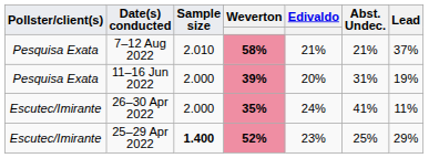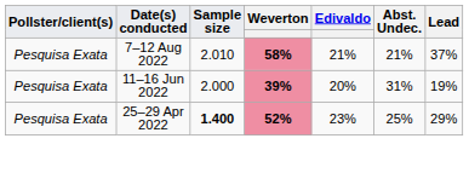 <table class="wikitable sortable" style="text-align:center;font-size:90%;line-height:14px;">
 <tr>
 <td rowspan="2" class="unsortable" style="width:50px;background:#eaecf0;"><strong>Pollster/client(s)</strong></td>
 <td rowspan="2" class="unsortable" style="width:50px;background:#eaecf0;"><strong>Date(s) <br>conducted</strong></td>
 <td rowspan="2" class="unsortable" style="width:50px;background:#eaecf0;"><strong>Sample <br>size</strong></td>
 <th class="unsortable" style="width:50px;">Weverton<br></th>
 <th class="unsortable" style="width:50px;"><a href='#'>Edivaldo</a><br></th>
 <th rowspan="2">Abst.<br>Undec.</th>
 <th rowspan="2" class="unsortable">Lead</th>
 </tr>
 <tr>
 <th style="background:"></th>
 <th style="background:"></th>
 </tr>
 <tr>
 <td><em>Pesquisa Exata</em></td>
 <td>7–12 Aug 2022</td>
 <td>2.010</td>
 <td style="background:#ef8ea3;"><strong>58%</strong></td>
 <td>21%</td>
 <td>21%</td>
 <td style="background:">37%</td>
 </tr>
 <tr>
 <td><em>Pesquisa Exata</em></td>
 <td>11–16 Jun 2022</td>
 <td>2.000</td>
 <td style="background:#ef8ea3;"><strong>39%</strong></td>
 <td>20%</td>
 <td>31%</td>
 <td style="background:">19%</td>
 </tr>
 <tr>
-<td><em>Escutec/Imirante</em></td>
-<td>26–30 Apr 2022</td>
-<td>2.000</td>
-<td style="background:#ef8ea3;"><strong>35%</strong></td>
-<td>24%</td>
-<td>41%</td>
-<td style="background:">11%</td>
-</tr>
-<tr>
-<td><em>Escutec/Imirante</em></td>
+<td><em>Pesquisa Exata</em></td>
 <td>25–29 Apr 2022</td>
 <td><strong>1.400</strong></td>
 <td style="background:#ef8ea3;"><strong>52%</strong></td>
 <td>23%</td>
 <td>25%</td>
 <td style="background:">29%</td>
 </tr>
 </table>
